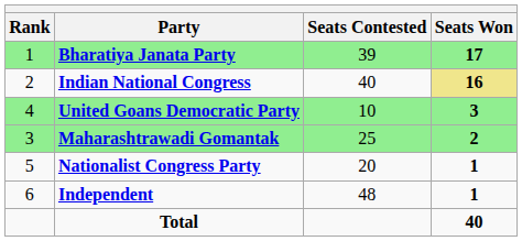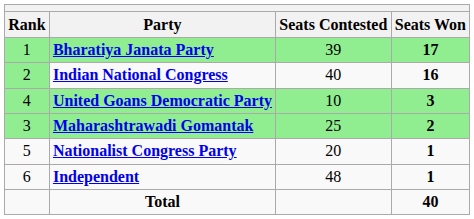 <table class="wikitable sortable" style="text-align: center;">
 <tr>
 <th colspan=10></th>
 </tr>
 <tr>
 <th align="center">Rank</th>
 <th align="center">Party</th>
 <th align="center">Seats Contested</th>
 <th align="center">Seats Won</th>
 </tr>
 <tr style="background: #90EE90;">
 <td>1</td>
 <td align="left"><strong><a href='#'>Bharatiya Janata Party</a></strong></td>
 <td>39</td>
 <td><strong>17</strong></td>
 </tr>
 <tr>
-<td>2</td>
+<td style="background: lightgreen;">2</td>
 <td align="left"><strong><a href='#'>Indian National Congress</a></strong></td>
 <td>40</td>
-<td style="background: khaki;"><strong>16</strong></td>
+<td><strong>16</strong></td>
 </tr>
 <tr style="background:">
 </tr>
 <tr style="background: #90EE90;">
 <td>4</td>
 <td align="left"><strong><a href='#'>United Goans Democratic Party</a></strong></td>
 <td>10</td>
 <td><strong>3</strong></td>
 </tr>
 <tr style="background: #90EE90;">
 <td>3</td>
 <td align="left"><strong><a href='#'>Maharashtrawadi Gomantak</a></strong></td>
 <td>25</td>
 <td><strong>2</strong></td>
 </tr>
 <tr "background: #90EE90;">
 <td>5</td>
 <td align="left"><strong><a href='#'>Nationalist Congress Party</a></strong></td>
 <td>20</td>
 <td><strong>1</strong></td>
 </tr>
 <tr style="background:">
 <td>6</td>
 <td align="left"><strong><a href='#'>Independent</a></strong></td>
 <td>48</td>
 <td><strong>1</strong></td>
 </tr>
 <tr>
 <td></td>
 <td align="centre"><strong>Total </strong></td>
 <td></td>
 <td><strong>40</strong></td>
 </tr>
 </table>
